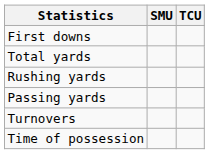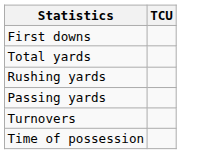 <table class="wikitable" style="float:left">
 <tr>
 <th>Statistics</th>
-<th>SMU</th>
 <th>TCU</th>
 </tr>
 <tr>
 <td>First downs</td>
 <td></td>
-<td></td>
 </tr>
 <tr>
 <td>Total yards</td>
-<td></td>
 <td></td>
 </tr>
 <tr>
 <td>Rushing yards</td>
 <td></td>
-<td></td>
 </tr>
 <tr>
 <td>Passing yards</td>
-<td></td>
 <td></td>
 </tr>
 <tr>
 <td>Turnovers</td>
 <td></td>
-<td></td>
 </tr>
 <tr>
 <td>Time of possession</td>
 <td></td>
-<td></td>
 </tr>
 </table>
